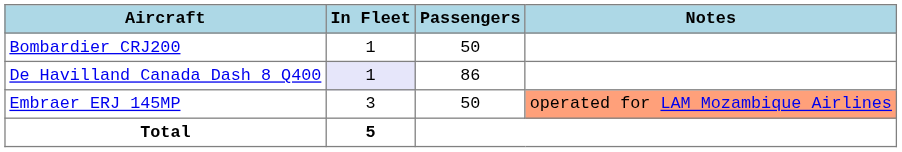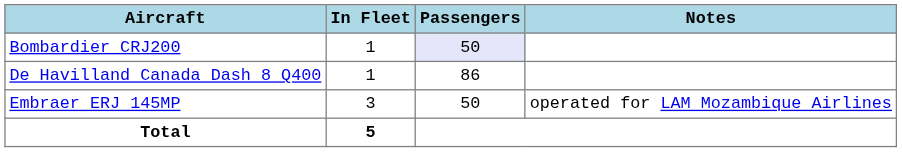 <table class="toccolours" border="1" cellpadding="3" style="margin:1em auto; white-space:nowrap; border-collapse:collapse">
 <tr bgcolor=lightblue>
 <th>Aircraft</th>
 <th>In Fleet</th>
 <th>Passengers</th>
 <th>Notes</th>
 </tr>
 <tr>
 <td><a href='#'>Bombardier CRJ200</a></td>
 <td align="center">1</td>
-<td align="center">50</td>
+<td align="center" style="background: lavender;">50</td>
 <td></td>
 </tr>
 <tr>
 <td><a href='#'>De Havilland Canada Dash 8 Q400</a></td>
-<td align="center" style="background: lavender;">1</td>
+<td align="center">1</td>
 <td align="center">86</td>
 <td></td>
 </tr>
 <tr>
 <td><a href='#'>Embraer ERJ 145MP</a></td>
 <td align="center">3</td>
 <td align="center">50</td>
-<td style="background: lightsalmon;">operated for <a href='#'>LAM Mozambique Airlines</a></td>
+<td>operated for <a href='#'>LAM Mozambique Airlines</a></td>
 </tr>
 <tr>
 <th>Total</th>
 <th>5</th>
 <th colspan="3"></th>
 </tr>
 </table>
